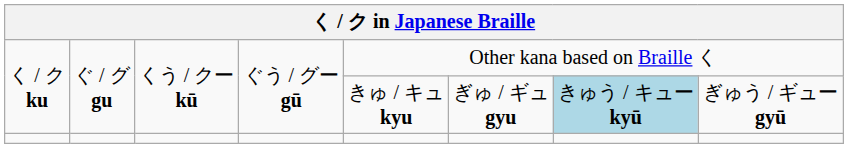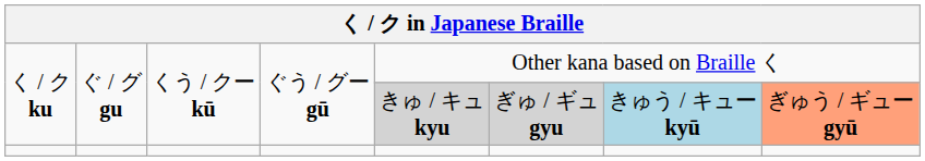 <table class="wikitable nowrap" style="text-align:center">
 <tr>
 <th colspan=8>く / ク in <a href='#'>Japanese Braille</a></th>
 </tr>
 <tr>
 <td rowspan=2>く / ク <br><strong>ku</strong></td>
 <td rowspan=2>ぐ / グ <br><strong>gu</strong></td>
 <td rowspan=2>くう / クー <br><strong>kū</strong></td>
 <td rowspan=2>ぐう / グー <br><strong>gū</strong></td>
 <td colspan=4>Other kana based on <a href='#'>Braille</a> く</td>
 </tr>
 <tr>
-<td>きゅ / キュ <br><strong>kyu</strong></td>
-<td>ぎゅ / ギュ <br><strong>gyu</strong></td>
+<td style="background: lightgrey;">きゅ / キュ <br><strong>kyu</strong></td>
+<td style="background: lightgrey;">ぎゅ / ギュ <br><strong>gyu</strong></td>
 <td style="background: lightblue;">きゅう / キュー <br><strong>kyū</strong></td>
-<td>ぎゅう / ギュー <br><strong>gyū</strong></td>
+<td style="background: lightsalmon;">ぎゅう / ギュー <br><strong>gyū</strong></td>
 </tr>
 <tr>
 <td></td>
 <td></td>
 <td></td>
 <td></td>
 <td></td>
 <td></td>
 <td></td>
 <td></td>
 </tr>
 </table>
